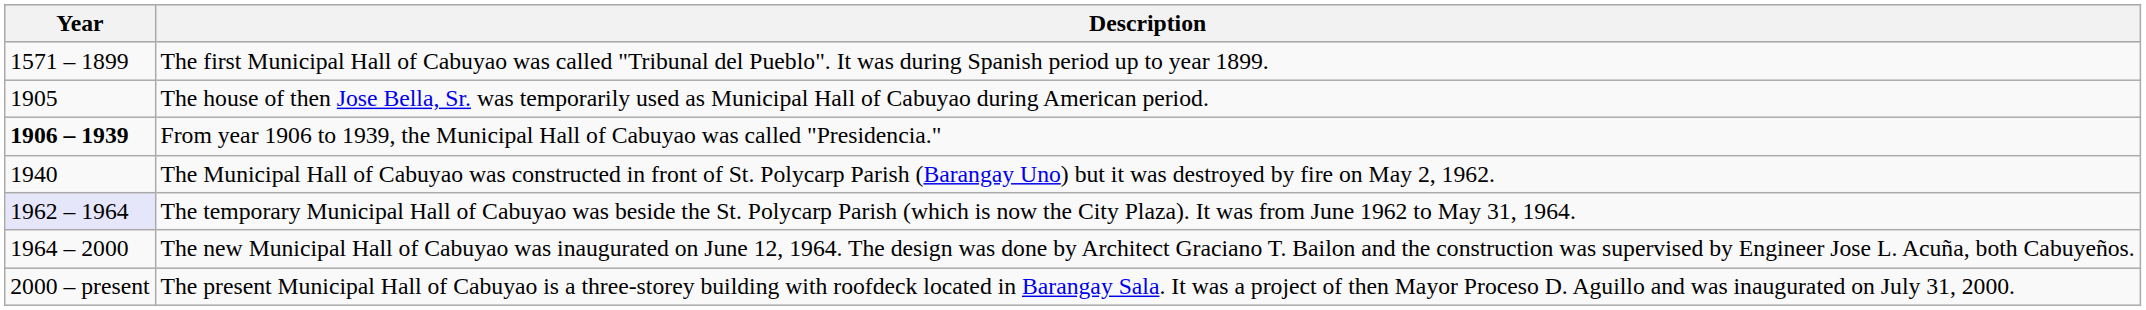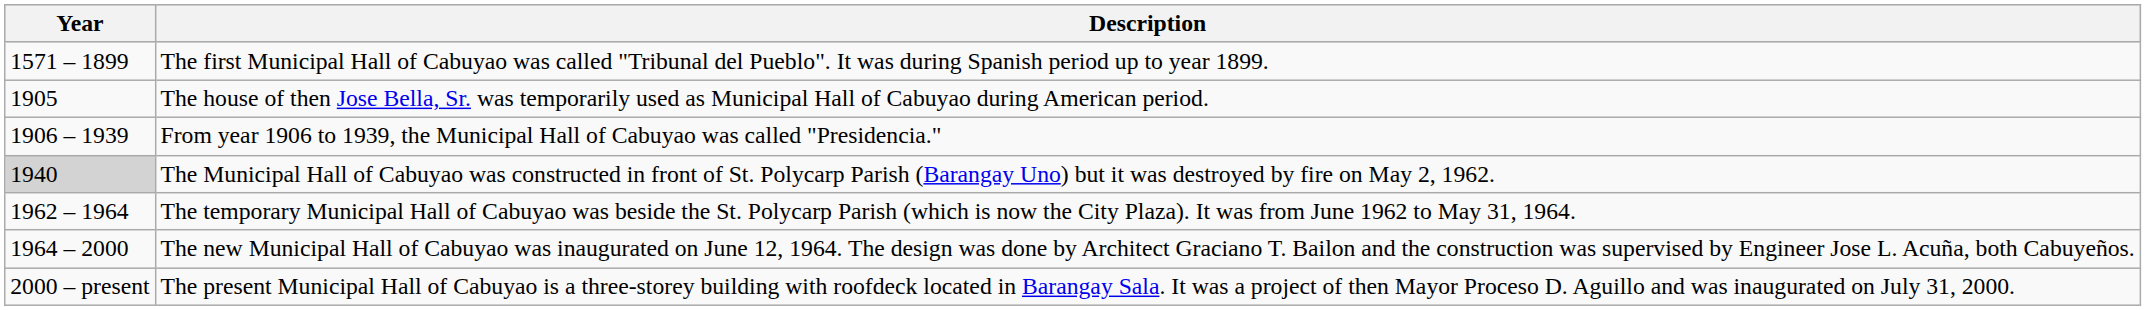 <table class="wikitable">
 <tr style="background:#ccc;">
 <th>Year</th>
 <th>Description</th>
 </tr>
 <tr>
 <td>1571 – 1899</td>
 <td>The first Municipal Hall of Cabuyao was called "Tribunal del Pueblo". It was during Spanish period up to year 1899.</td>
 </tr>
 <tr>
 <td>1905</td>
 <td>The house of then <a href='#'>Jose Bella, Sr.</a> was temporarily used as Municipal Hall of Cabuyao during American period.</td>
 </tr>
 <tr>
-<td><strong>1906 – 1939</strong></td>
+<td>1906 – 1939</td>
 <td>From year 1906 to 1939, the Municipal Hall of Cabuyao was called "Presidencia."</td>
 </tr>
 <tr>
-<td>1940</td>
+<td style="background: lightgrey;">1940</td>
 <td>The Municipal Hall of Cabuyao was constructed in front of St. Polycarp Parish (<a href='#'>Barangay Uno</a>) but it was destroyed by fire on May 2, 1962.</td>
 </tr>
 <tr>
-<td style="background: lavender;">1962 – 1964</td>
+<td>1962 – 1964</td>
 <td>The temporary Municipal Hall of Cabuyao was beside the St. Polycarp Parish (which is now the City Plaza). It was from June 1962 to May 31, 1964.</td>
 </tr>
 <tr>
 <td>1964 – 2000</td>
 <td>The new Municipal Hall of Cabuyao was inaugurated on June 12, 1964. The design was done by Architect Graciano T. Bailon and the construction was supervised by Engineer Jose L. Acuña, both Cabuyeños.</td>
 </tr>
 <tr>
 <td>2000 – present</td>
 <td>The present Municipal Hall of Cabuyao is a three-storey building with roofdeck located in <a href='#'>Barangay Sala</a>. It was a project of then Mayor Proceso D. Aguillo and was inaugurated on July 31, 2000.</td>
 </tr>
 </table>
